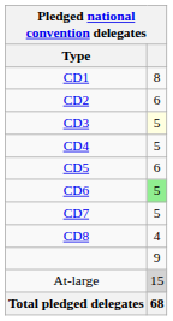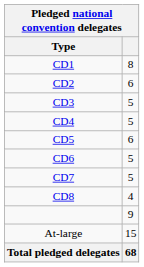 <table class="wikitable sortable" style="font-size:90%;text-align:center;float:none;padding:5px;">
 <tr>
 <th colspan="2">Pledged <a href='#'>national<br>convention</a> delegates</th>
 </tr>
 <tr>
 <th>Type</th>
 <th></th>
 </tr>
 <tr>
 <td><a href='#'>CD1</a></td>
 <td>8</td>
 </tr>
 <tr>
 <td><a href='#'>CD2</a></td>
 <td>6</td>
 </tr>
 <tr>
 <td><a href='#'>CD3</a></td>
-<td style="background: lightyellow;">5</td>
+<td>5</td>
 </tr>
 <tr>
 <td><a href='#'>CD4</a></td>
 <td>5</td>
 </tr>
 <tr>
 <td><a href='#'>CD5</a></td>
 <td>6</td>
 </tr>
 <tr>
 <td><a href='#'>CD6</a></td>
-<td style="background: lightgreen;">5</td>
+<td>5</td>
 </tr>
 <tr>
 <td><a href='#'>CD7</a></td>
 <td>5</td>
 </tr>
 <tr>
 <td><a href='#'>CD8</a></td>
 <td>4</td>
 </tr>
 <tr>
 <td></td>
 <td>9</td>
 </tr>
 <tr>
 <td>At-large</td>
-<td style="background: lightgrey;">15</td>
+<td>15</td>
 </tr>
 <tr>
 <th>Total pledged delegates</th>
 <th>68</th>
 </tr>
 </table>
